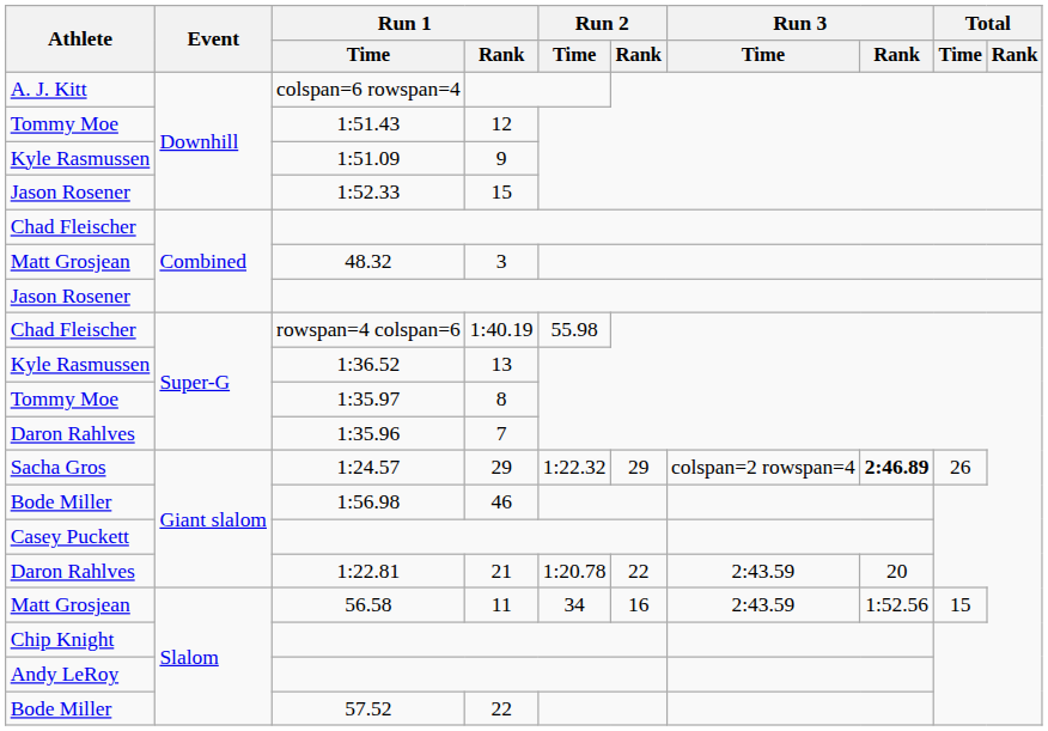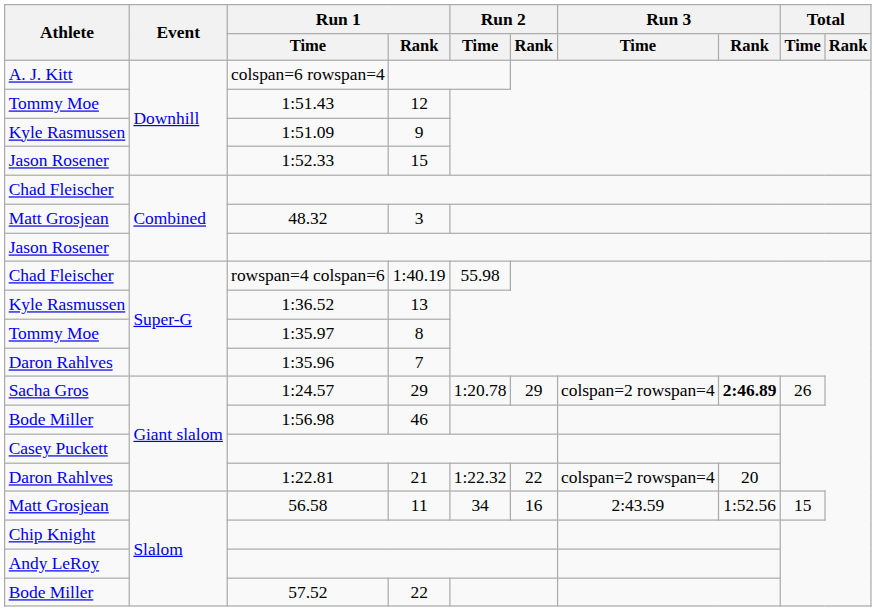 <table class=wikitable style=font-size:90%;text-align:center>
 <tr>
 <th rowspan=2>Athlete</th>
 <th rowspan=2>Event</th>
 <th colspan=2>Run 1</th>
 <th colspan=2>Run 2</th>
 <th colspan=2>Run 3</th>
 <th colspan=2>Total</th>
 </tr>
 <tr style=font-size:95%>
 <th>Time</th>
 <th>Rank</th>
 <th>Time</th>
 <th>Rank</th>
 <th>Time</th>
 <th>Rank</th>
 <th>Time</th>
 <th>Rank</th>
 </tr>
 <tr>
 <td align=left><a href='#'>A. J. Kitt</a></td>
 <td align=left rowspan=4><a href='#'>Downhill</a></td>
 <td>colspan=6 rowspan=4 </td>
 <td colspan=2></td>
 </tr>
 <tr>
 <td align=left><a href='#'>Tommy Moe</a></td>
 <td>1:51.43</td>
 <td>12</td>
 </tr>
 <tr>
 <td align=left><a href='#'>Kyle Rasmussen</a></td>
 <td>1:51.09</td>
 <td>9</td>
 </tr>
 <tr>
 <td align=left><a href='#'>Jason Rosener</a></td>
 <td>1:52.33</td>
 <td>15</td>
 </tr>
 <tr>
 <td align=left><a href='#'>Chad Fleischer</a></td>
 <td align=left rowspan=3><a href='#'>Combined</a></td>
 <td colspan=8></td>
 </tr>
 <tr>
 <td align=left><a href='#'>Matt Grosjean</a></td>
 <td>48.32</td>
 <td>3</td>
 <td colspan=6></td>
 </tr>
 <tr>
 <td align=left><a href='#'>Jason Rosener</a></td>
 <td colspan=8></td>
 </tr>
 <tr>
 <td align=left><a href='#'>Chad Fleischer</a></td>
 <td align=left rowspan=4><a href='#'>Super-G</a></td>
 <td>rowspan=4 colspan=6 </td>
 <td>1:40.19</td>
 <td>55.98</td>
 </tr>
 <tr>
 <td align=left><a href='#'>Kyle Rasmussen</a></td>
 <td>1:36.52</td>
 <td>13</td>
 </tr>
 <tr>
 <td align=left><a href='#'>Tommy Moe</a></td>
 <td>1:35.97</td>
 <td>8</td>
 </tr>
 <tr>
 <td align=left><a href='#'>Daron Rahlves</a></td>
 <td>1:35.96</td>
 <td>7</td>
 </tr>
 <tr>
 <td align=left><a href='#'>Sacha Gros</a></td>
 <td align=left rowspan=4><a href='#'>Giant slalom</a></td>
 <td>1:24.57</td>
 <td>29</td>
-<td>1:22.32</td>
+<td>1:20.78</td>
 <td>29</td>
 <td>colspan=2 rowspan=4 </td>
 <td><strong>2:46.89</strong></td>
 <td>26</td>
 </tr>
 <tr>
 <td align=left><a href='#'>Bode Miller</a></td>
 <td>1:56.98</td>
 <td>46</td>
 <td colspan=2></td>
 <td colspan=2></td>
 </tr>
 <tr>
 <td align=left><a href='#'>Casey Puckett</a></td>
 <td colspan=4></td>
 <td colspan=2></td>
 </tr>
 <tr>
 <td align=left><a href='#'>Daron Rahlves</a></td>
 <td>1:22.81</td>
 <td>21</td>
-<td>1:20.78</td>
+<td>1:22.32</td>
 <td>22</td>
-<td>2:43.59</td>
+<td>colspan=2 rowspan=4 </td>
 <td>20</td>
 </tr>
 <tr>
 <td align=left><a href='#'>Matt Grosjean</a></td>
 <td align=left rowspan=4><a href='#'>Slalom</a></td>
 <td>56.58</td>
 <td>11</td>
 <td>34</td>
 <td>16</td>
 <td>2:43.59</td>
 <td>1:52.56</td>
 <td>15</td>
 </tr>
 <tr>
 <td align=left><a href='#'>Chip Knight</a></td>
 <td colspan=4></td>
 <td colspan=2></td>
 </tr>
 <tr>
 <td align=left><a href='#'>Andy LeRoy</a></td>
 <td colspan=4></td>
 <td colspan=2></td>
 </tr>
 <tr>
 <td align=left><a href='#'>Bode Miller</a></td>
 <td>57.52</td>
 <td>22</td>
 <td colspan=2></td>
 <td colspan=2></td>
 </tr>
 </table>
